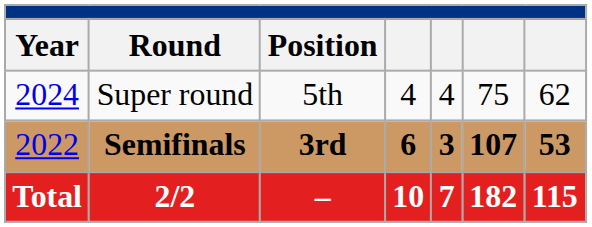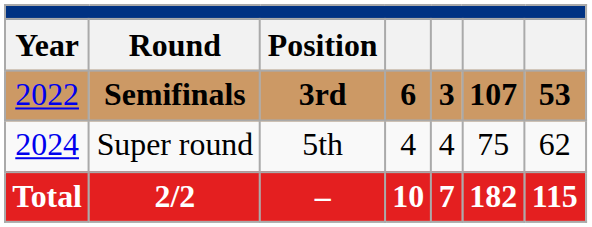 <table class="wikitable" style="text-align: center;">
 <tr>
 <th style="background:#003283;" colspan="7"><a href='#'></a></th>
 </tr>
 <tr>
 <th>Year</th>
 <th>Round</th>
 <th>Position</th>
 <th></th>
 <th></th>
 <th></th>
 <th></th>
 </tr>
+<tr style="background:#CC9965;">
+<td> <a href='#'>2022</a></td>
+<td><strong>Semifinals</strong></td>
+<td><strong>3rd</strong></td>
+<td><strong>6</strong></td>
+<td><strong>3</strong></td>
+<td><strong>107</strong></td>
+<td><strong>53</strong></td>
+</tr>
 <tr>
 <td> <a href='#'>2024</a></td>
 <td>Super round</td>
 <td>5th</td>
 <td>4</td>
 <td>4</td>
 <td>75</td>
 <td>62</td>
-</tr>
-<tr style="background:#CC9965;">
-<td> <a href='#'>2022</a></td>
-<td><strong>Semifinals</strong></td>
-<td><strong>3rd</strong></td>
-<td><strong>6</strong></td>
-<td><strong>3</strong></td>
-<td><strong>107</strong></td>
-<td><strong>53</strong></td>
 </tr>
 <tr>
 <th style="color:white; background:#E41F20;">Total</th>
 <th style="color:white; background:#E41F20;">2/2</th>
 <th style="color:white; background:#E41F20;">–</th>
 <th style="color:white; background:#E41F20;">10</th>
 <th style="color:white; background:#E41F20;">7</th>
 <th style="color:white; background:#E41F20;">182</th>
 <th style="color:white; background:#E41F20;">115</th>
 </tr>
 </table>
